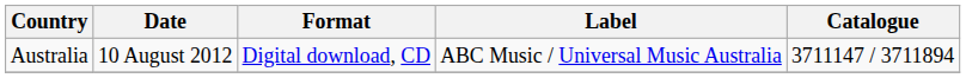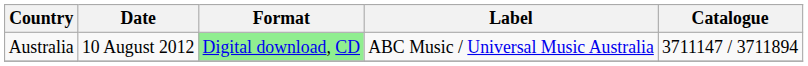 <table class="wikitable">
 <tr>
 <th>Country</th>
 <th>Date</th>
 <th>Format</th>
 <th>Label</th>
 <th>Catalogue</th>
 </tr>
 <tr>
 <td>Australia</td>
 <td>10 August 2012</td>
-<td><a href='#'>Digital download</a>, <a href='#'>CD</a></td>
+<td style="background: lightgreen;"><a href='#'>Digital download</a>, <a href='#'>CD</a></td>
 <td>ABC Music / <a href='#'>Universal Music Australia</a></td>
 <td>3711147 / 3711894</td>
 </tr>
 <tr>
 </tr>
 </table>
